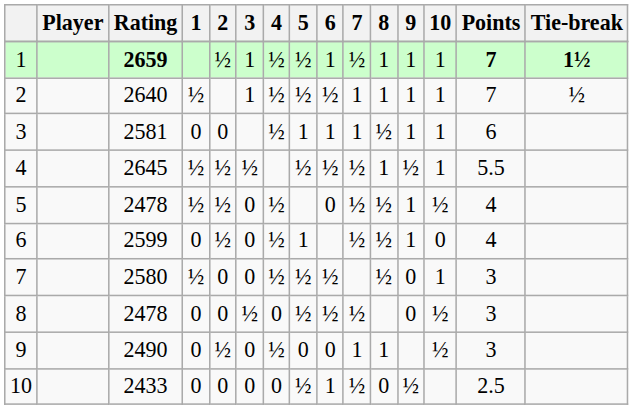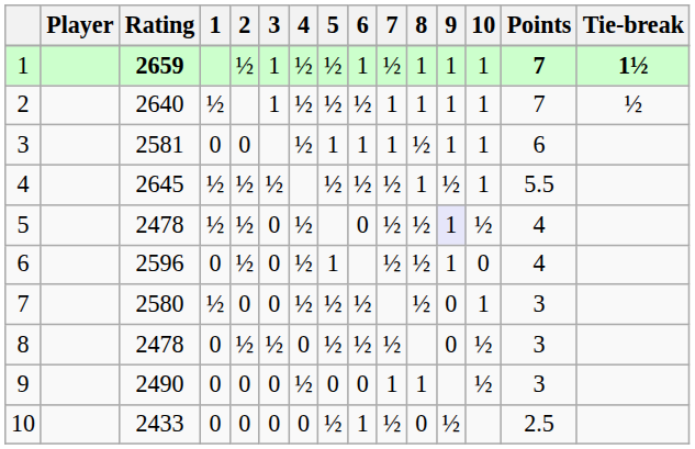 <table class="wikitable" style="font-size: 90%; text-align: center;">
 <tr>
 <th></th>
 <th>Player</th>
 <th>Rating</th>
 <th>1</th>
 <th>2</th>
 <th>3</th>
 <th>4</th>
 <th>5</th>
 <th>6</th>
 <th>7</th>
 <th>8</th>
 <th>9</th>
 <th>10</th>
 <th>Points</th>
 <th>Tie-break</th>
 </tr>
 <tr>
 </tr>
 <tr style="background:#ccffcc">
 <td>1</td>
 <td align="left"><strong></strong></td>
 <td><strong>2659</strong></td>
 <td></td>
 <td>½</td>
 <td>1</td>
 <td>½</td>
 <td>½</td>
 <td>1</td>
 <td>½</td>
 <td>1</td>
 <td>1</td>
 <td>1</td>
 <td><strong>7</strong></td>
 <td><strong>1½</strong></td>
 </tr>
 <tr>
 <td>2</td>
 <td align="left"></td>
 <td>2640</td>
 <td>½</td>
 <td></td>
 <td>1</td>
 <td>½</td>
 <td>½</td>
 <td>½</td>
 <td>1</td>
 <td>1</td>
 <td>1</td>
 <td>1</td>
 <td>7</td>
 <td>½</td>
 </tr>
 <tr>
 <td>3</td>
 <td align="left"></td>
 <td>2581</td>
 <td>0</td>
 <td>0</td>
 <td></td>
 <td>½</td>
 <td>1</td>
 <td>1</td>
 <td>1</td>
 <td>½</td>
 <td>1</td>
 <td>1</td>
 <td>6</td>
 <td></td>
 </tr>
 <tr>
 <td>4</td>
 <td align="left"></td>
 <td>2645</td>
 <td>½</td>
 <td>½</td>
 <td>½</td>
 <td></td>
 <td>½</td>
 <td>½</td>
 <td>½</td>
 <td>1</td>
 <td>½</td>
 <td>1</td>
 <td>5.5</td>
 <td></td>
 </tr>
 <tr>
 <td>5</td>
 <td align="left"></td>
 <td>2478</td>
 <td>½</td>
 <td>½</td>
 <td>0</td>
 <td>½</td>
 <td></td>
 <td>0</td>
 <td>½</td>
 <td>½</td>
-<td>1</td>
+<td style="background: lavender;">1</td>
 <td>½</td>
 <td>4</td>
 <td></td>
 </tr>
 <tr>
 <td>6</td>
 <td align="left"></td>
-<td>2599</td>
+<td>2596</td>
 <td>0</td>
 <td>½</td>
 <td>0</td>
 <td>½</td>
 <td>1</td>
 <td></td>
 <td>½</td>
 <td>½</td>
 <td>1</td>
 <td>0</td>
 <td>4</td>
 <td></td>
 </tr>
 <tr>
 <td>7</td>
 <td align="left"></td>
 <td>2580</td>
 <td>½</td>
 <td>0</td>
 <td>0</td>
 <td>½</td>
 <td>½</td>
 <td>½</td>
 <td></td>
 <td>½</td>
 <td>0</td>
 <td>1</td>
 <td>3</td>
 <td></td>
 </tr>
 <tr>
 <td>8</td>
 <td align="left"></td>
 <td>2478</td>
 <td>0</td>
-<td>0</td>
+<td>½</td>
 <td>½</td>
 <td>0</td>
 <td>½</td>
 <td>½</td>
 <td>½</td>
 <td></td>
 <td>0</td>
 <td>½</td>
 <td>3</td>
 <td></td>
 </tr>
 <tr>
 <td>9</td>
 <td align="left"></td>
 <td>2490</td>
 <td>0</td>
-<td>½</td>
+<td>0</td>
 <td>0</td>
 <td>½</td>
 <td>0</td>
 <td>0</td>
 <td>1</td>
 <td>1</td>
 <td></td>
 <td>½</td>
 <td>3</td>
 <td></td>
 </tr>
 <tr>
 <td>10</td>
 <td align="left"></td>
 <td>2433</td>
 <td>0</td>
 <td>0</td>
 <td>0</td>
 <td>0</td>
 <td>½</td>
 <td>1</td>
 <td>½</td>
 <td>0</td>
 <td>½</td>
 <td></td>
 <td>2.5</td>
 <td></td>
 </tr>
 </table>
